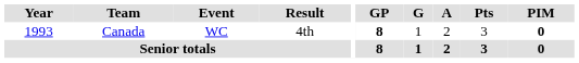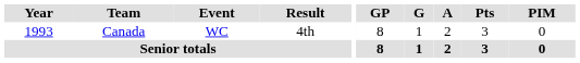 <table border="0" cellpadding="1" cellspacing="0" ID="Table3" style="text-align:center; width:40em">
 <tr ALIGN="center" bgcolor="#e0e0e0">
 <th>Year</th>
 <th>Team</th>
 <th>Event</th>
 <th>Result</th>
 <th rowspan="99" bgcolor="#ffffff"></th>
 <th>GP</th>
 <th>G</th>
 <th>A</th>
 <th>Pts</th>
 <th>PIM</th>
 </tr>
 <tr>
 <td><a href='#'>1993</a></td>
 <td><a href='#'>Canada</a></td>
 <td><a href='#'>WC</a></td>
 <td>4th</td>
-<td><strong>8</strong></td>
+<td>8</td>
 <td>1</td>
 <td>2</td>
 <td>3</td>
-<td><strong>0</strong></td>
+<td>0</td>
 </tr>
 <tr bgcolor="#e0e0e0">
 <th colspan="4">Senior totals</th>
 <th>8</th>
 <th>1</th>
 <th>2</th>
 <th>3</th>
 <th>0</th>
 </tr>
 </table>
